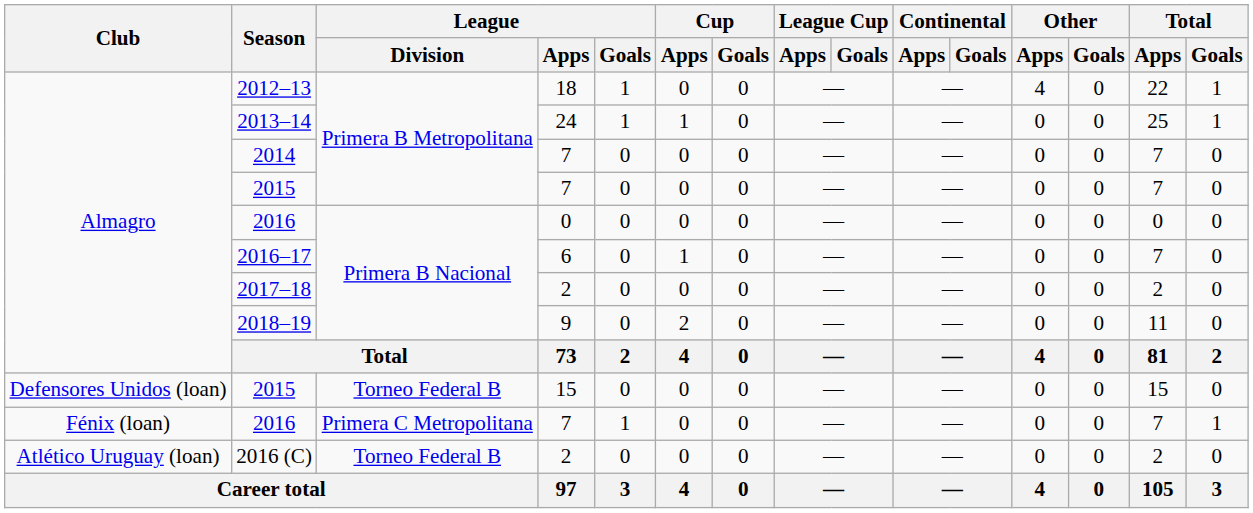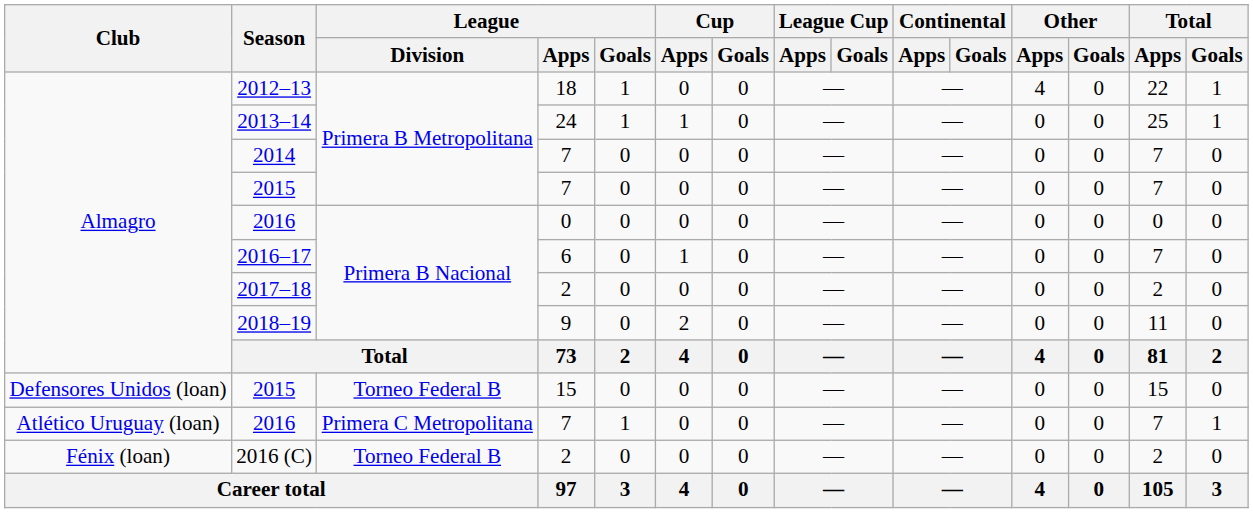 <table class="wikitable" style="text-align:center">
 <tr>
 <th rowspan="2">Club</th>
 <th rowspan="2">Season</th>
 <th colspan="3">League</th>
 <th colspan="2">Cup</th>
 <th colspan="2">League Cup</th>
 <th colspan="2">Continental</th>
 <th colspan="2">Other</th>
 <th colspan="2">Total</th>
 </tr>
 <tr>
 <th>Division</th>
 <th>Apps</th>
 <th>Goals</th>
 <th>Apps</th>
 <th>Goals</th>
 <th>Apps</th>
 <th>Goals</th>
 <th>Apps</th>
 <th>Goals</th>
 <th>Apps</th>
 <th>Goals</th>
 <th>Apps</th>
 <th>Goals</th>
 </tr>
 <tr>
 <td rowspan="9"><a href='#'>Almagro</a></td>
 <td><a href='#'>2012–13</a></td>
 <td rowspan="4"><a href='#'>Primera B Metropolitana</a></td>
 <td>18</td>
 <td>1</td>
 <td>0</td>
 <td>0</td>
 <td colspan="2">—</td>
 <td colspan="2">—</td>
 <td>4</td>
 <td>0</td>
 <td>22</td>
 <td>1</td>
 </tr>
 <tr>
 <td><a href='#'>2013–14</a></td>
 <td>24</td>
 <td>1</td>
 <td>1</td>
 <td>0</td>
 <td colspan="2">—</td>
 <td colspan="2">—</td>
 <td>0</td>
 <td>0</td>
 <td>25</td>
 <td>1</td>
 </tr>
 <tr>
 <td><a href='#'>2014</a></td>
 <td>7</td>
 <td>0</td>
 <td>0</td>
 <td>0</td>
 <td colspan="2">—</td>
 <td colspan="2">—</td>
 <td>0</td>
 <td>0</td>
 <td>7</td>
 <td>0</td>
 </tr>
 <tr>
 <td><a href='#'>2015</a></td>
 <td>7</td>
 <td>0</td>
 <td>0</td>
 <td>0</td>
 <td colspan="2">—</td>
 <td colspan="2">—</td>
 <td>0</td>
 <td>0</td>
 <td>7</td>
 <td>0</td>
 </tr>
 <tr>
 <td><a href='#'>2016</a></td>
 <td rowspan="4"><a href='#'>Primera B Nacional</a></td>
 <td>0</td>
 <td>0</td>
 <td>0</td>
 <td>0</td>
 <td colspan="2">—</td>
 <td colspan="2">—</td>
 <td>0</td>
 <td>0</td>
 <td>0</td>
 <td>0</td>
 </tr>
 <tr>
 <td><a href='#'>2016–17</a></td>
 <td>6</td>
 <td>0</td>
 <td>1</td>
 <td>0</td>
 <td colspan="2">—</td>
 <td colspan="2">—</td>
 <td>0</td>
 <td>0</td>
 <td>7</td>
 <td>0</td>
 </tr>
 <tr>
 <td><a href='#'>2017–18</a></td>
 <td>2</td>
 <td>0</td>
 <td>0</td>
 <td>0</td>
 <td colspan="2">—</td>
 <td colspan="2">—</td>
 <td>0</td>
 <td>0</td>
 <td>2</td>
 <td>0</td>
 </tr>
 <tr>
 <td><a href='#'>2018–19</a></td>
 <td>9</td>
 <td>0</td>
 <td>2</td>
 <td>0</td>
 <td colspan="2">—</td>
 <td colspan="2">—</td>
 <td>0</td>
 <td>0</td>
 <td>11</td>
 <td>0</td>
 </tr>
 <tr>
 <th colspan="2">Total</th>
 <th>73</th>
 <th>2</th>
 <th>4</th>
 <th>0</th>
 <th colspan="2">—</th>
 <th colspan="2">—</th>
 <th>4</th>
 <th>0</th>
 <th>81</th>
 <th>2</th>
 </tr>
 <tr>
 <td rowspan="1"><a href='#'>Defensores Unidos</a> (loan)</td>
 <td><a href='#'>2015</a></td>
 <td rowspan="1"><a href='#'>Torneo Federal B</a></td>
 <td>15</td>
 <td>0</td>
 <td>0</td>
 <td>0</td>
 <td colspan="2">—</td>
 <td colspan="2">—</td>
 <td>0</td>
 <td>0</td>
 <td>15</td>
 <td>0</td>
 </tr>
 <tr>
-<td rowspan="1"><a href='#'>Fénix</a> (loan)</td>
+<td rowspan="1"><a href='#'>Atlético Uruguay</a> (loan)</td>
 <td><a href='#'>2016</a></td>
 <td rowspan="1"><a href='#'>Primera C Metropolitana</a></td>
 <td>7</td>
 <td>1</td>
 <td>0</td>
 <td>0</td>
 <td colspan="2">—</td>
 <td colspan="2">—</td>
 <td>0</td>
 <td>0</td>
 <td>7</td>
 <td>1</td>
 </tr>
 <tr>
-<td rowspan="1"><a href='#'>Atlético Uruguay</a> (loan)</td>
+<td rowspan="1"><a href='#'>Fénix</a> (loan)</td>
 <td>2016 (C)</td>
 <td rowspan="1"><a href='#'>Torneo Federal B</a></td>
 <td>2</td>
 <td>0</td>
 <td>0</td>
 <td>0</td>
 <td colspan="2">—</td>
 <td colspan="2">—</td>
 <td>0</td>
 <td>0</td>
 <td>2</td>
 <td>0</td>
 </tr>
 <tr>
 <th colspan="3">Career total</th>
 <th>97</th>
 <th>3</th>
 <th>4</th>
 <th>0</th>
 <th colspan="2">—</th>
 <th colspan="2">—</th>
 <th>4</th>
 <th>0</th>
 <th>105</th>
 <th>3</th>
 </tr>
 </table>
